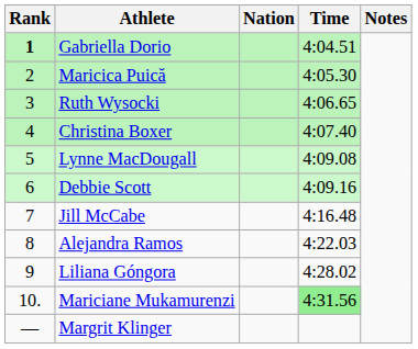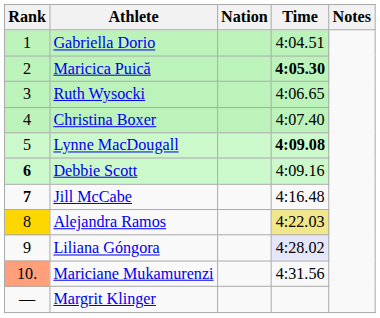 <table class="wikitable sortable" style="text-align:center">
 <tr>
 <th>Rank</th>
 <th>Athlete</th>
 <th>Nation</th>
 <th>Time</th>
 <th>Notes</th>
 </tr>
 <tr style="background:#bbf3bb;">
-<td><strong>1</strong></td>
+<td>1</td>
 <td align=left><a href='#'>Gabriella Dorio</a></td>
 <td align=left></td>
 <td>4:04.51</td>
 </tr>
 <tr style="background:#bbf3bb;">
 <td>2</td>
 <td align=left><a href='#'>Maricica Puică</a></td>
 <td align=left></td>
-<td>4:05.30</td>
+<td><strong>4:05.30</strong></td>
 </tr>
 <tr style="background:#bbf3bb;">
 <td>3</td>
 <td align=left><a href='#'>Ruth Wysocki</a></td>
 <td align=left></td>
 <td>4:06.65</td>
 </tr>
 <tr style="background:#bbf3bb;">
 <td>4</td>
 <td align=left><a href='#'>Christina Boxer</a></td>
 <td align=left></td>
 <td>4:07.40</td>
 </tr>
 <tr style="background:#ccf9cc;">
 <td>5</td>
 <td align=left><a href='#'>Lynne MacDougall</a></td>
 <td align=left></td>
-<td>4:09.08</td>
+<td><strong>4:09.08</strong></td>
 </tr>
 <tr style="background:#ccf9cc;">
-<td>6</td>
+<td><strong>6</strong></td>
 <td align=left><a href='#'>Debbie Scott</a></td>
 <td align=left></td>
 <td>4:09.16</td>
 </tr>
 <tr>
-<td>7</td>
+<td><strong>7</strong></td>
 <td align=left><a href='#'>Jill McCabe</a></td>
 <td align=left></td>
 <td>4:16.48</td>
 </tr>
 <tr>
-<td>8</td>
+<td style="background: gold;">8</td>
 <td align=left><a href='#'>Alejandra Ramos</a></td>
 <td align=left></td>
-<td>4:22.03</td>
+<td style="background: khaki;">4:22.03</td>
 </tr>
 <tr>
 <td>9</td>
 <td align=left><a href='#'>Liliana Góngora</a></td>
 <td align=left></td>
-<td>4:28.02</td>
+<td style="background: lavender;">4:28.02</td>
 </tr>
 <tr>
-<td>10.</td>
+<td style="background: lightsalmon;">10.</td>
 <td align=left><a href='#'>Mariciane Mukamurenzi</a></td>
 <td align=left></td>
-<td style="background: lightgreen;">4:31.56</td>
+<td>4:31.56</td>
 </tr>
 <tr>
 <td>—</td>
 <td align=left><a href='#'>Margrit Klinger</a></td>
 <td align=left></td>
 <td></td>
 </tr>
 </table>
